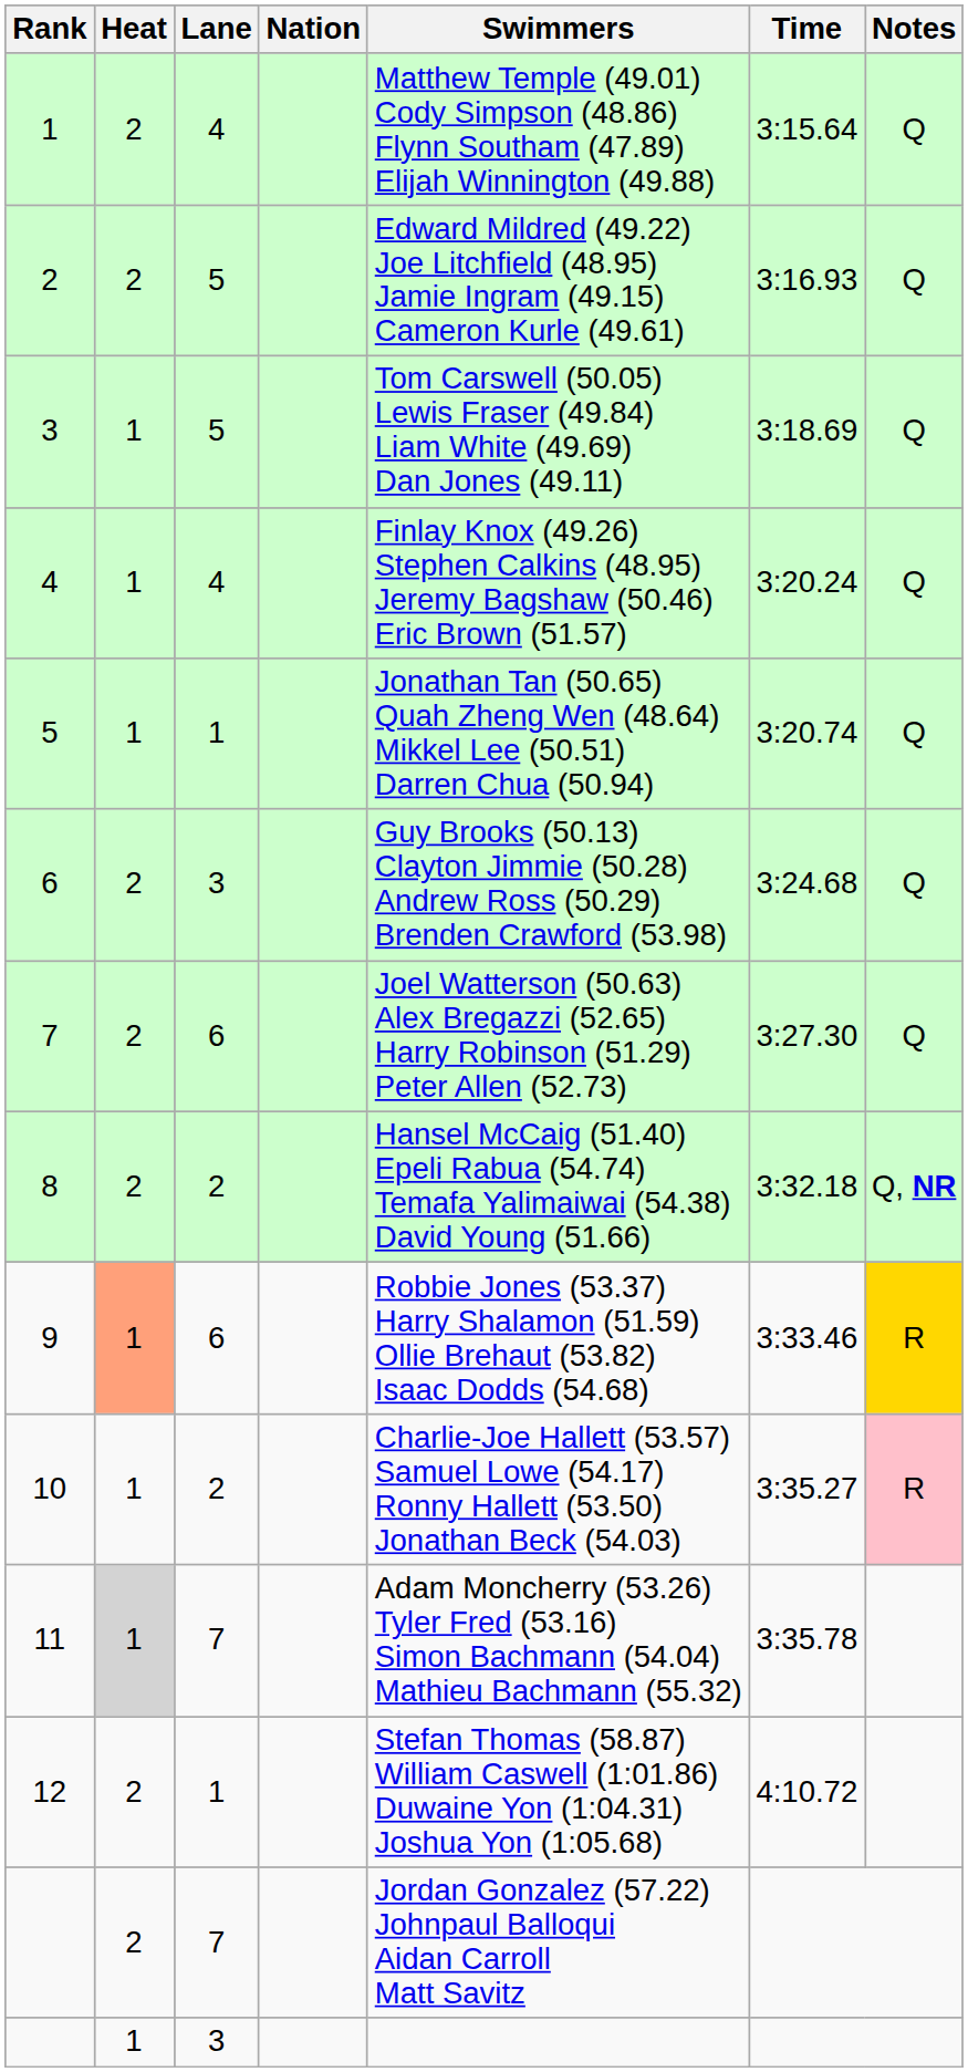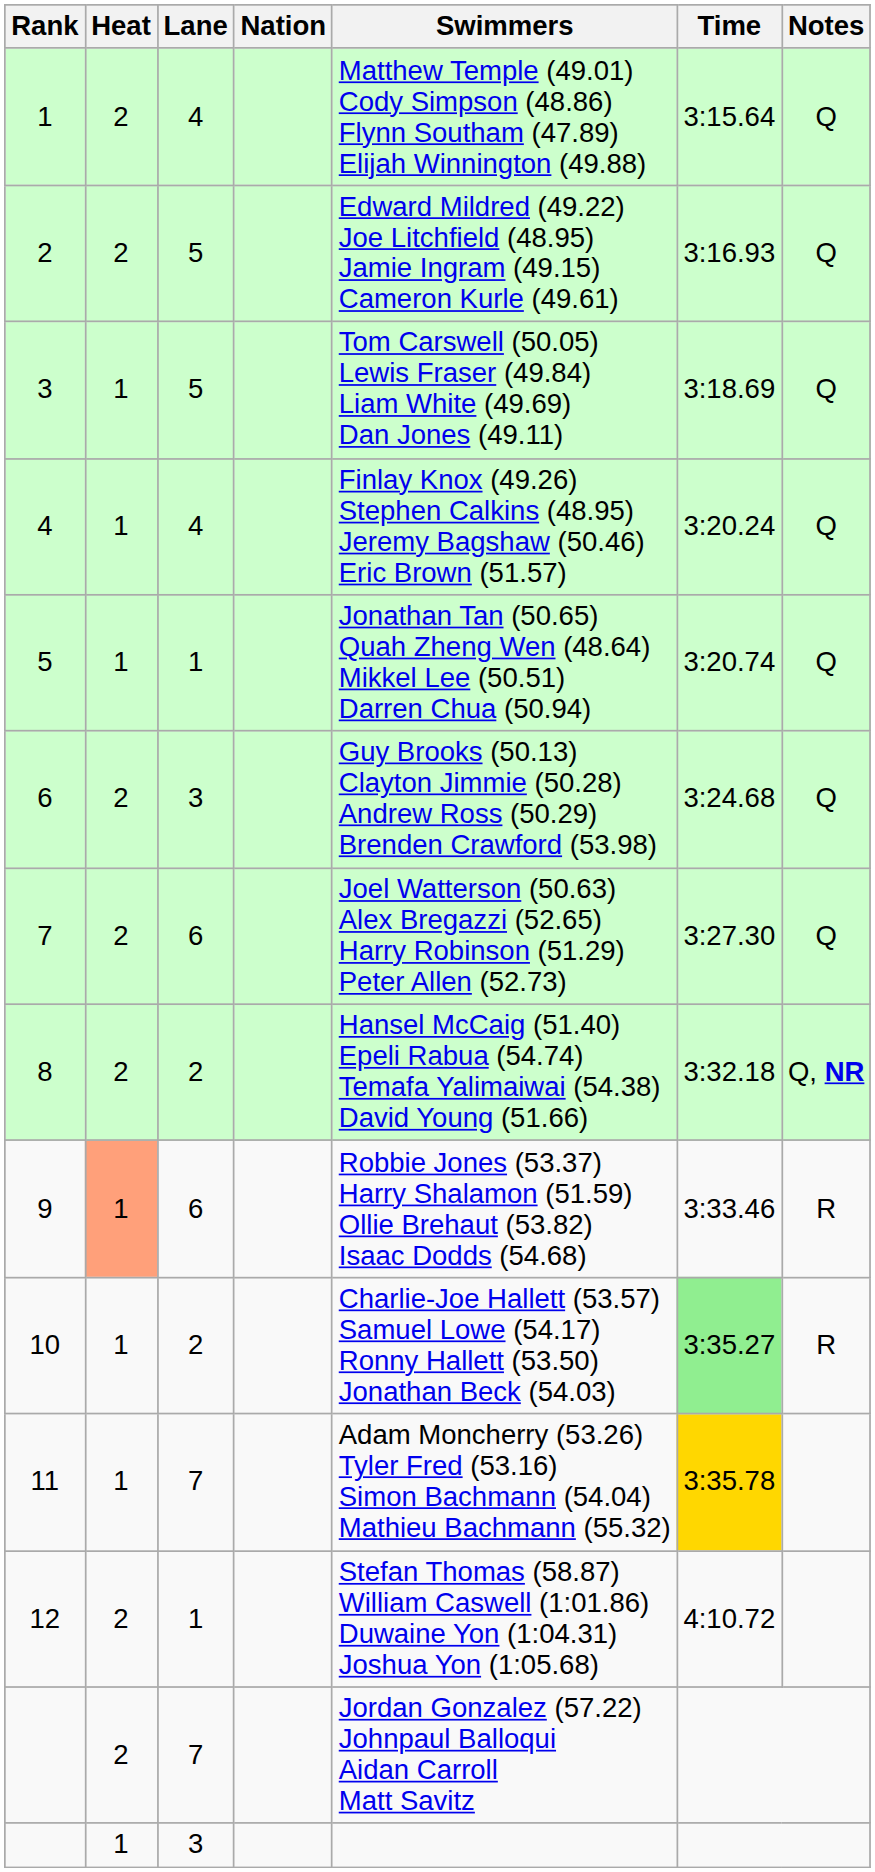 <table class="wikitable sortable" style="text-align:center">
 <tr>
 <th>Rank</th>
 <th>Heat</th>
 <th>Lane</th>
 <th>Nation</th>
 <th>Swimmers</th>
 <th>Time</th>
 <th>Notes</th>
 </tr>
 <tr bgcolor=ccffcc>
 <td>1</td>
 <td>2</td>
 <td>4</td>
 <td align=left></td>
 <td align="left"><a href='#'>Matthew Temple</a> (49.01)<br><a href='#'>Cody Simpson</a> (48.86)<br><a href='#'>Flynn Southam</a> (47.89)<br><a href='#'>Elijah Winnington</a> (49.88)</td>
 <td>3:15.64</td>
 <td>Q</td>
 </tr>
 <tr bgcolor=ccffcc>
 <td>2</td>
 <td>2</td>
 <td>5</td>
 <td align=left></td>
 <td align="left"><a href='#'>Edward Mildred</a> (49.22)<br><a href='#'>Joe Litchfield</a> (48.95)<br><a href='#'>Jamie Ingram</a> (49.15)<br><a href='#'>Cameron Kurle</a> (49.61)</td>
 <td>3:16.93</td>
 <td>Q</td>
 </tr>
 <tr bgcolor=ccffcc>
 <td>3</td>
 <td>1</td>
 <td>5</td>
 <td align=left></td>
 <td align="left"><a href='#'>Tom Carswell</a> (50.05)<br><a href='#'>Lewis Fraser</a> (49.84)<br><a href='#'>Liam White</a> (49.69)<br><a href='#'>Dan Jones</a> (49.11)</td>
 <td>3:18.69</td>
 <td>Q</td>
 </tr>
 <tr bgcolor=ccffcc>
 <td>4</td>
 <td>1</td>
 <td>4</td>
 <td align=left></td>
 <td align="left"><a href='#'>Finlay Knox</a> (49.26)<br><a href='#'>Stephen Calkins</a> (48.95)<br><a href='#'>Jeremy Bagshaw</a> (50.46)<br><a href='#'>Eric Brown</a> (51.57)</td>
 <td>3:20.24</td>
 <td>Q</td>
 </tr>
 <tr bgcolor=ccffcc>
 <td>5</td>
 <td>1</td>
 <td>1</td>
 <td align=left></td>
 <td align="left"><a href='#'>Jonathan Tan</a> (50.65)<br><a href='#'>Quah Zheng Wen</a> (48.64)<br><a href='#'>Mikkel Lee</a> (50.51)<br><a href='#'>Darren Chua</a> (50.94)</td>
 <td>3:20.74</td>
 <td>Q</td>
 </tr>
 <tr bgcolor=ccffcc>
 <td>6</td>
 <td>2</td>
 <td>3</td>
 <td align=left></td>
 <td align="left"><a href='#'>Guy Brooks</a> (50.13)<br><a href='#'>Clayton Jimmie</a> (50.28)<br><a href='#'>Andrew Ross</a> (50.29)<br><a href='#'>Brenden Crawford</a> (53.98)</td>
 <td>3:24.68</td>
 <td>Q</td>
 </tr>
 <tr bgcolor=ccffcc>
 <td>7</td>
 <td>2</td>
 <td>6</td>
 <td align=left></td>
 <td align="left"><a href='#'>Joel Watterson</a> (50.63)<br><a href='#'>Alex Bregazzi</a> (52.65)<br><a href='#'>Harry Robinson</a> (51.29)<br><a href='#'>Peter Allen</a> (52.73)</td>
 <td>3:27.30</td>
 <td>Q</td>
 </tr>
 <tr bgcolor=ccffcc>
 <td>8</td>
 <td>2</td>
 <td>2</td>
 <td align=left></td>
 <td align="left"><a href='#'>Hansel McCaig</a> (51.40)<br><a href='#'>Epeli Rabua</a> (54.74)<br><a href='#'>Temafa Yalimaiwai</a> (54.38)<br><a href='#'>David Young</a> (51.66)</td>
 <td>3:32.18</td>
 <td>Q, <strong><a href='#'>NR</a></strong></td>
 </tr>
 <tr>
 <td>9</td>
 <td style="background: lightsalmon;">1</td>
 <td>6</td>
 <td align=left></td>
 <td align="left"><a href='#'>Robbie Jones</a> (53.37)<br><a href='#'>Harry Shalamon</a> (51.59)<br><a href='#'>Ollie Brehaut</a> (53.82)<br><a href='#'>Isaac Dodds</a> (54.68)</td>
 <td>3:33.46</td>
-<td style="background: gold;">R</td>
+<td>R</td>
 </tr>
 <tr>
 <td>10</td>
 <td>1</td>
 <td>2</td>
 <td align=left></td>
 <td align="left"><a href='#'>Charlie-Joe Hallett</a> (53.57)<br><a href='#'>Samuel Lowe</a> (54.17)<br><a href='#'>Ronny Hallett</a> (53.50)<br><a href='#'>Jonathan Beck</a> (54.03)</td>
-<td>3:35.27</td>
-<td style="background: pink;">R</td>
+<td style="background: lightgreen;">3:35.27</td>
+<td>R</td>
 </tr>
 <tr>
 <td>11</td>
-<td style="background: lightgrey;">1</td>
+<td>1</td>
 <td>7</td>
 <td align=left></td>
 <td align="left">Adam Moncherry (53.26)<br><a href='#'>Tyler Fred</a> (53.16)<br><a href='#'>Simon Bachmann</a> (54.04)<br><a href='#'>Mathieu Bachmann</a> (55.32)</td>
-<td>3:35.78</td>
+<td style="background: gold;">3:35.78</td>
 <td></td>
 </tr>
 <tr>
 <td>12</td>
 <td>2</td>
 <td>1</td>
 <td align=left></td>
 <td align="left"><a href='#'>Stefan Thomas</a> (58.87)<br><a href='#'>William Caswell</a> (1:01.86)<br><a href='#'>Duwaine Yon</a> (1:04.31)<br><a href='#'>Joshua Yon</a> (1:05.68)</td>
 <td>4:10.72</td>
 <td></td>
 </tr>
 <tr>
 <td></td>
 <td>2</td>
 <td>7</td>
 <td align=left></td>
 <td align="left"><a href='#'>Jordan Gonzalez</a> (57.22)<br><a href='#'>Johnpaul Balloqui</a> <br><a href='#'>Aidan Carroll</a><br><a href='#'>Matt Savitz</a></td>
 <td colspan=2></td>
 </tr>
 <tr>
 <td></td>
 <td>1</td>
 <td>3</td>
 <td align=left></td>
 <td align="left"></td>
 <td colspan=2></td>
 </tr>
 <tr>
 </tr>
 </table>
